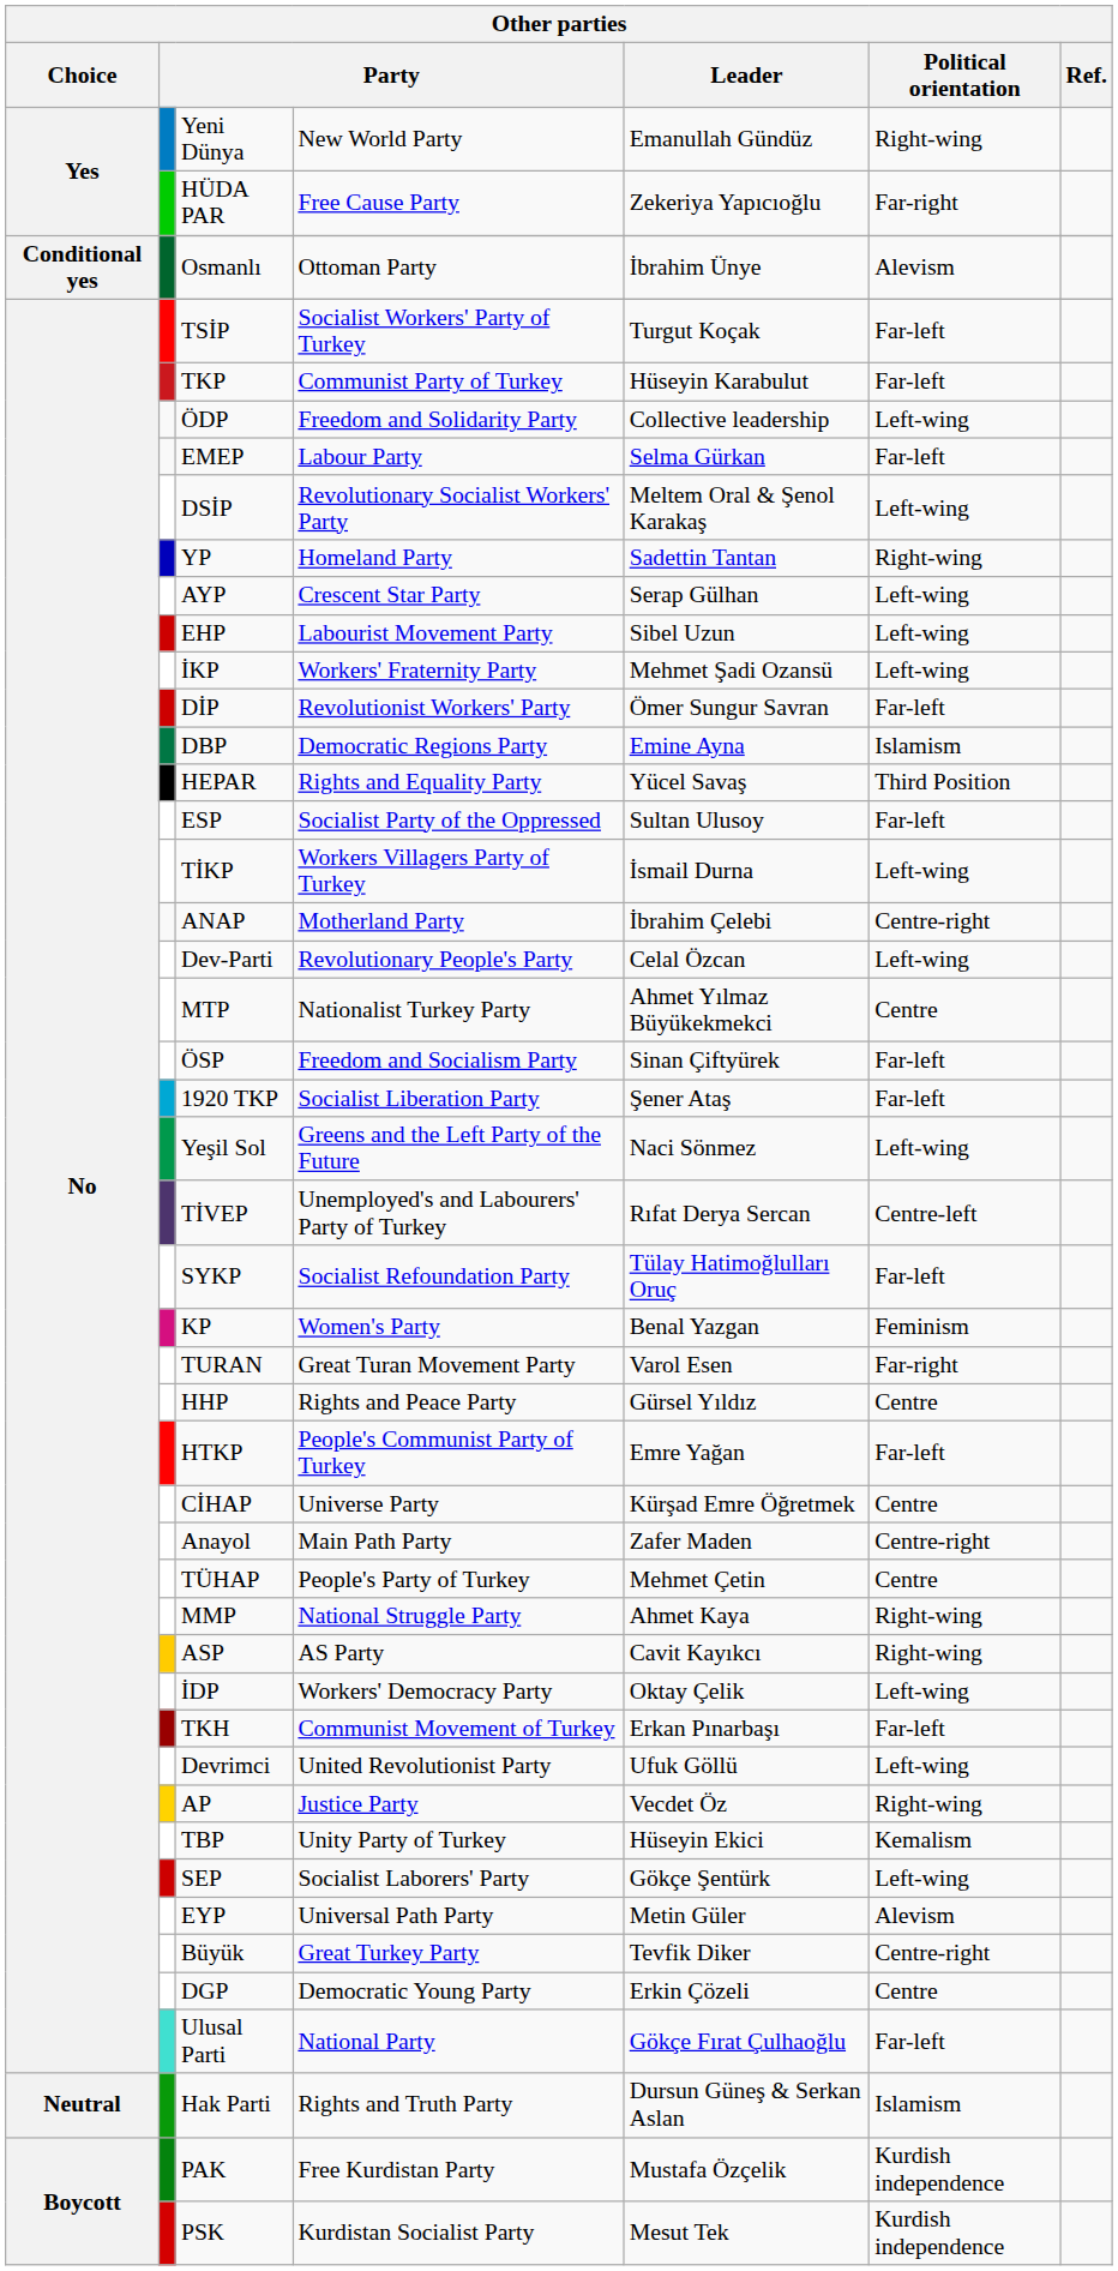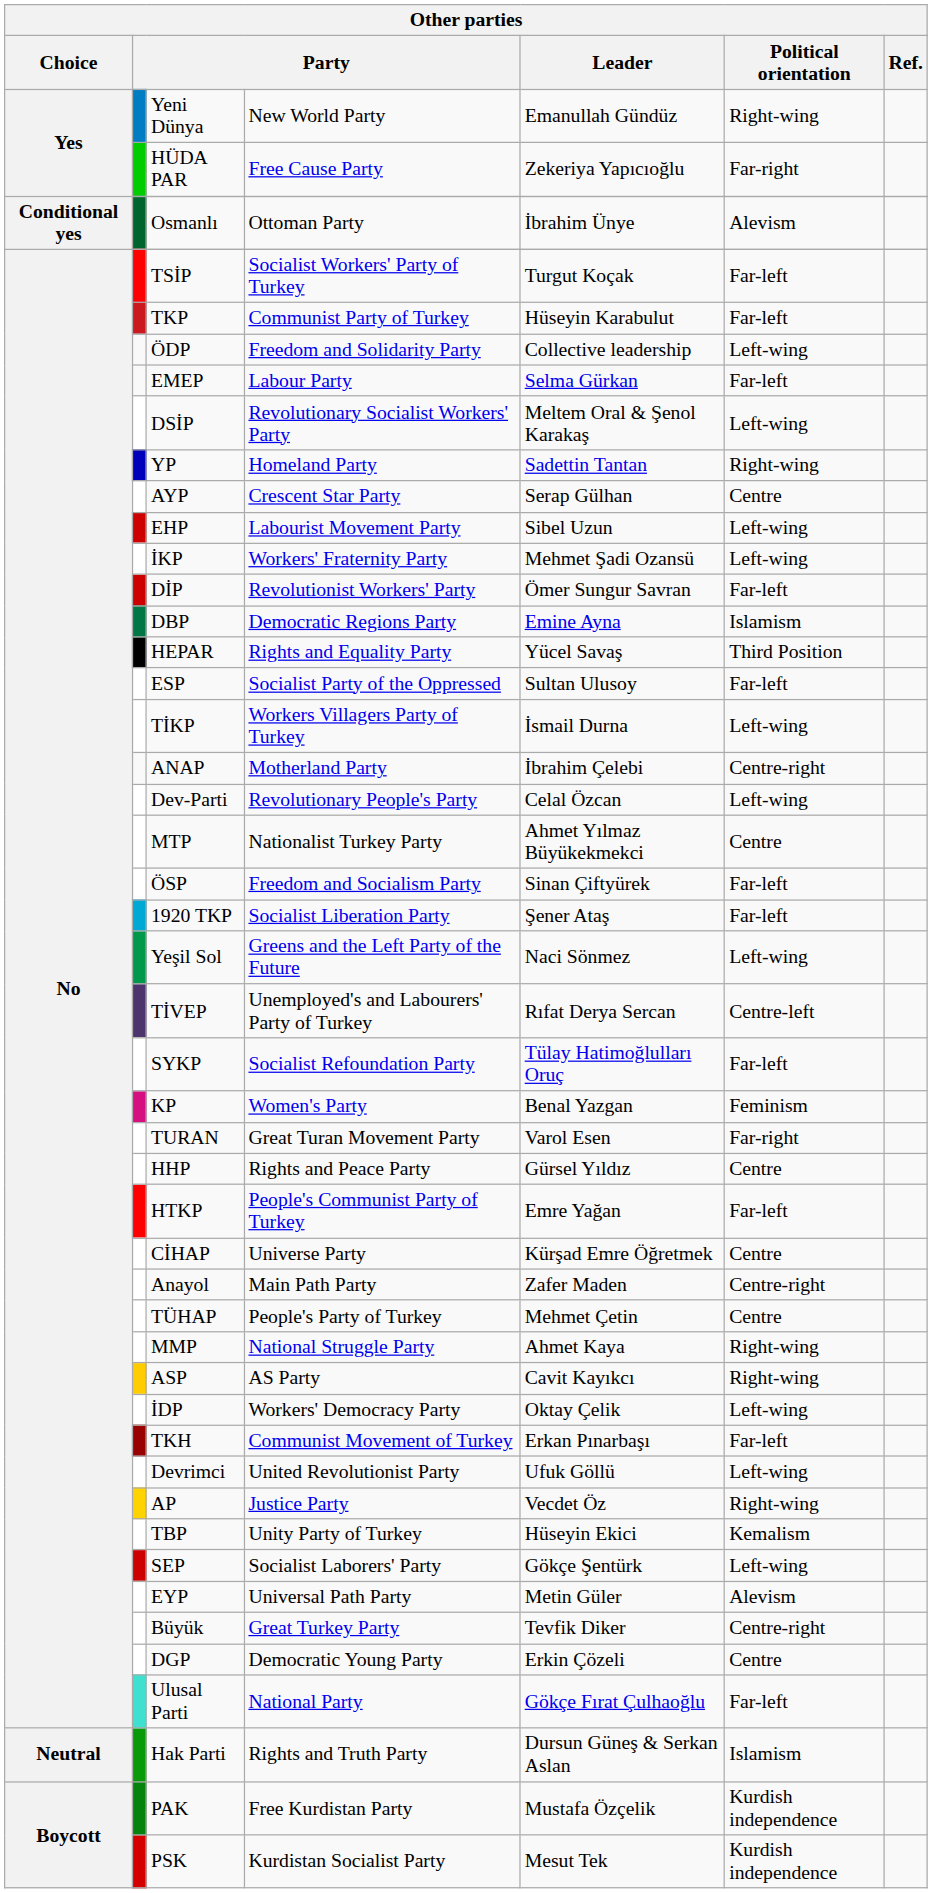 <table class="wikitable sortable collapsible collapsed" style="border:none;width:85%">
 <tr>
 <th colspan="7">Other parties</th>
 </tr>
 <tr>
 <th>Choice</th>
 <th colspan="3">Party</th>
 <th>Leader</th>
 <th>Political orientation</th>
 <th>Ref.</th>
 </tr>
 <tr>
 <th rowspan=2> Yes</th>
 <td style="background:#007CC2; width:4px; text-align:center;"></td>
 <td>Yeni Dünya</td>
 <td>New World Party</td>
 <td>Emanullah Gündüz</td>
 <td>Right-wing</td>
 <td></td>
 </tr>
 <tr>
 <td style="background:#0c0; width:4px; text-align:center;"></td>
 <td>HÜDA PAR</td>
 <td><a href='#'>Free Cause Party</a></td>
 <td>Zekeriya Yapıcıoğlu</td>
 <td>Far-right</td>
 <td></td>
 </tr>
 <tr>
 <th rowspan=2> Conditional yes</th>
 </tr>
 <tr>
 <td style="background:#00652D; width:4px; text-align:center;"></td>
 <td>Osmanlı</td>
 <td>Ottoman Party</td>
 <td>İbrahim Ünye</td>
 <td>Alevism</td>
 <td></td>
 </tr>
 <tr>
 <th rowspan=42> No</th>
 </tr>
 <tr>
 <td style="background:#f00; width:4px; text-align:center;"></td>
 <td>TSİP</td>
 <td><a href='#'>Socialist Workers' Party of Turkey</a></td>
 <td>Turgut Koçak</td>
 <td>Far-left</td>
 <td></td>
 </tr>
 <tr>
 <td style="background:#CB181E; width:4px; text-align:center;"></td>
 <td>TKP</td>
 <td><a href='#'>Communist Party of Turkey</a></td>
 <td>Hüseyin Karabulut</td>
 <td>Far-left</td>
 <td></td>
 </tr>
 <tr>
 <td style="background:"></td>
 <td>ÖDP</td>
 <td><a href='#'>Freedom and Solidarity Party</a></td>
 <td>Collective leadership</td>
 <td>Left-wing</td>
 <td></td>
 </tr>
 <tr>
 <td style="background:"></td>
 <td>EMEP</td>
 <td><a href='#'>Labour Party</a></td>
 <td><a href='#'>Selma Gürkan</a></td>
 <td>Far-left</td>
 <td></td>
 </tr>
 <tr>
 <td style="background:#fff; width:4px; text-align:center;"></td>
 <td>DSİP</td>
 <td><a href='#'>Revolutionary Socialist Workers' Party</a></td>
 <td>Meltem Oral & Şenol Karakaş</td>
 <td>Left-wing</td>
 <td></td>
 </tr>
 <tr>
 <td style="background:#00b; width:4px; text-align:center;"></td>
 <td>YP</td>
 <td><a href='#'>Homeland Party</a></td>
 <td><a href='#'>Sadettin Tantan</a></td>
 <td>Right-wing</td>
 <td></td>
 </tr>
 <tr>
 <td style="background:#fff; width:4px; text-align:center;"></td>
 <td>AYP</td>
 <td><a href='#'>Crescent Star Party</a></td>
 <td>Serap Gülhan</td>
-<td>Left-wing</td>
+<td>Centre</td>
 <td></td>
 </tr>
 <tr>
 <td style="background:#CD0000; width:4px; text-align:center;"></td>
 <td>EHP</td>
 <td><a href='#'>Labourist Movement Party</a></td>
 <td>Sibel Uzun</td>
 <td>Left-wing</td>
 <td></td>
 </tr>
 <tr>
 <td style="background:#fff; width:4px; text-align:center;"></td>
 <td>İKP</td>
 <td><a href='#'>Workers' Fraternity Party</a></td>
 <td>Mehmet Şadi Ozansü</td>
 <td>Left-wing</td>
 <td></td>
 </tr>
 <tr>
 <td style="background:#CD0000; width:4px; text-align:center;"></td>
 <td>DİP</td>
 <td><a href='#'>Revolutionist Workers' Party</a></td>
 <td>Ömer Sungur Savran</td>
 <td>Far-left</td>
 <td></td>
 </tr>
 <tr>
 <td style="background:#074; width:4px; text-align:center;"></td>
 <td>DBP</td>
 <td><a href='#'>Democratic Regions Party</a></td>
 <td><a href='#'>Emine Ayna</a></td>
 <td>Islamism</td>
 <td></td>
 </tr>
 <tr>
 <td style="background:#000; width:4px; text-align:center;"></td>
 <td>HEPAR</td>
 <td><a href='#'>Rights and Equality Party</a></td>
 <td>Yücel Savaş</td>
 <td>Third Position</td>
 <td></td>
 </tr>
 <tr>
 <td style="background:#fff; width:4px; text-align:center;"></td>
 <td>ESP</td>
 <td><a href='#'>Socialist Party of the Oppressed</a></td>
 <td>Sultan Ulusoy</td>
 <td>Far-left</td>
 <td></td>
 </tr>
 <tr>
 <td style="background:#fff; width:4px; text-align:center;"></td>
 <td>TİKP</td>
 <td><a href='#'>Workers Villagers Party of Turkey</a></td>
 <td>İsmail Durna</td>
 <td>Left-wing</td>
 <td></td>
 </tr>
 <tr>
 <td style="background:"></td>
 <td>ANAP</td>
 <td><a href='#'>Motherland Party</a></td>
 <td>İbrahim Çelebi</td>
 <td>Centre-right</td>
 <td></td>
 </tr>
 <tr>
 <td style="background:#fff; width:4px; text-align:center;"></td>
 <td>Dev-Parti</td>
 <td><a href='#'>Revolutionary People's Party</a></td>
 <td>Celal Özcan</td>
 <td>Left-wing</td>
 <td></td>
 </tr>
 <tr>
 <td style="background:#fff; width:4px; text-align:center;"></td>
 <td>MTP</td>
 <td>Nationalist Turkey Party</td>
 <td>Ahmet Yılmaz Büyükekmekci</td>
 <td>Centre</td>
 <td></td>
 </tr>
 <tr>
 <td style="background:#fff; width:4px; text-align:center;"></td>
 <td>ÖSP</td>
 <td><a href='#'>Freedom and Socialism Party</a></td>
 <td>Sinan Çiftyürek</td>
 <td>Far-left</td>
 <td></td>
 </tr>
 <tr>
 <td style="background:#00A8D4; width:4px; text-align:center;"></td>
 <td>1920 TKP</td>
 <td><a href='#'>Socialist Liberation Party</a></td>
 <td>Şener Ataş</td>
 <td>Far-left</td>
 <td></td>
 </tr>
 <tr>
 <td style="background:#00994C; width:4px; text-align:center;"></td>
 <td>Yeşil Sol</td>
 <td><a href='#'>Greens and the Left Party of the Future</a></td>
 <td>Naci Sönmez</td>
 <td>Left-wing</td>
 <td></td>
 </tr>
 <tr>
 <td style="background:#4D346D; width:4px; text-align:center;"></td>
 <td>TİVEP</td>
 <td>Unemployed's and Labourers' Party of Turkey</td>
 <td>Rıfat Derya Sercan</td>
 <td>Centre-left</td>
 <td></td>
 </tr>
 <tr>
 <td style="background:#fff; width:4px; text-align:center;"></td>
 <td>SYKP</td>
 <td><a href='#'>Socialist Refoundation Party</a></td>
 <td><a href='#'>Tülay Hatimoğlulları Oruç</a></td>
 <td>Far-left</td>
 <td></td>
 </tr>
 <tr>
 <td style="background:#D50F80; width:4px; text-align:center;"></td>
 <td>KP</td>
 <td><a href='#'>Women's Party</a></td>
 <td>Benal Yazgan</td>
 <td>Feminism</td>
 <td></td>
 </tr>
 <tr>
 <td style="background:#fff; width:4px; text-align:center;"></td>
 <td>TURAN</td>
 <td>Great Turan Movement Party</td>
 <td>Varol Esen</td>
 <td>Far-right</td>
 <td></td>
 </tr>
 <tr>
 <td style="background:#fff; width:4px; text-align:center;"></td>
 <td>HHP</td>
 <td>Rights and Peace Party</td>
 <td>Gürsel Yıldız</td>
 <td>Centre</td>
 <td></td>
 </tr>
 <tr>
 <td style="background:#f00; width:4px; text-align:center;"></td>
 <td>HTKP</td>
 <td><a href='#'>People's Communist Party of Turkey</a></td>
 <td>Emre Yağan</td>
 <td>Far-left</td>
 <td></td>
 </tr>
 <tr>
 <td style="background:#fff; width:4px; text-align:center;"></td>
 <td>CİHAP</td>
 <td>Universe Party</td>
 <td>Kürşad Emre Öğretmek</td>
 <td>Centre</td>
 <td></td>
 </tr>
 <tr>
 <td style="background:#fff; width:4px; text-align:center;"></td>
 <td>Anayol</td>
 <td>Main Path Party</td>
 <td>Zafer Maden</td>
 <td>Centre-right</td>
 <td></td>
 </tr>
 <tr>
 <td style="background:#fff; width:4px; text-align:center;"></td>
 <td>TÜHAP</td>
 <td>People's Party of Turkey</td>
 <td>Mehmet Çetin</td>
 <td>Centre</td>
 <td></td>
 </tr>
 <tr>
 <td style="background:#fff; width:4px; text-align:center;"></td>
 <td>MMP</td>
 <td><a href='#'>National Struggle Party</a></td>
 <td>Ahmet Kaya</td>
 <td>Right-wing</td>
 <td></td>
 </tr>
 <tr>
 <td style="background:#fc0; width:4px; text-align:center;"></td>
 <td>ASP</td>
 <td>AS Party</td>
 <td>Cavit Kayıkcı</td>
 <td>Right-wing</td>
 <td></td>
 </tr>
 <tr>
 <td style="background:#fff; width:4px; text-align:center;"></td>
 <td>İDP</td>
 <td>Workers' Democracy Party</td>
 <td>Oktay Çelik</td>
 <td>Left-wing</td>
 <td></td>
 </tr>
 <tr>
 <td style="background:#900; width:4px; text-align:center;"></td>
 <td>TKH</td>
 <td><a href='#'>Communist Movement of Turkey</a></td>
 <td>Erkan Pınarbaşı</td>
 <td>Far-left</td>
 <td></td>
 </tr>
 <tr>
 <td style="background:#fff; width:4px; text-align:center;"></td>
 <td>Devrimci</td>
 <td>United Revolutionist Party</td>
 <td>Ufuk Göllü</td>
 <td>Left-wing</td>
 <td></td>
 </tr>
 <tr>
 <td style="background:#FFD300; width:4px; text-align:center;"></td>
 <td>AP</td>
 <td><a href='#'>Justice Party</a></td>
 <td>Vecdet Öz</td>
 <td>Right-wing</td>
 <td></td>
 </tr>
 <tr>
 <td style="background:#fff; width:4px; text-align:center;"></td>
 <td>TBP</td>
 <td>Unity Party of Turkey</td>
 <td>Hüseyin Ekici</td>
 <td>Kemalism</td>
 <td></td>
 </tr>
 <tr>
 <td style="background:#CD0000; width:4px; text-align:center;"></td>
 <td>SEP</td>
 <td>Socialist Laborers' Party</td>
 <td>Gökçe Şentürk</td>
 <td>Left-wing</td>
 <td></td>
 </tr>
 <tr>
 <td style="background:#fff; width:4px; text-align:center;"></td>
 <td>EYP</td>
 <td>Universal Path Party</td>
 <td>Metin Güler</td>
 <td>Alevism</td>
 <td></td>
 </tr>
 <tr>
 <td style="background:#fff; width:4px; text-align:center;"></td>
 <td>Büyük</td>
 <td><a href='#'>Great Turkey Party</a></td>
 <td>Tevfik Diker</td>
 <td>Centre-right</td>
 <td></td>
 </tr>
 <tr>
 <td style="background:#fff; width:4px; text-align:center;"></td>
 <td>DGP</td>
 <td>Democratic Young Party</td>
 <td>Erkin Çözeli</td>
 <td>Centre</td>
 <td></td>
 </tr>
 <tr>
 <td style="background:turquoise; width:4px; text-align:center;"></td>
 <td>Ulusal Parti</td>
 <td><a href='#'>National Party</a></td>
 <td><a href='#'>Gökçe Fırat Çulhaoğlu</a></td>
 <td>Far-left</td>
 <td></td>
 </tr>
 <tr>
 <th>Neutral</th>
 <td style="background:#089A09; width:4px; text-align:center;"></td>
 <td>Hak Parti</td>
 <td>Rights and Truth Party</td>
 <td>Dursun Güneş & Serkan Aslan</td>
 <td>Islamism</td>
 <td></td>
 </tr>
 <tr>
 <th rowspan=2>Boycott</th>
 <td style="background:#04830D; width:4px; text-align:center;"></td>
 <td>PAK</td>
 <td>Free Kurdistan Party</td>
 <td>Mustafa Özçelik</td>
 <td>Kurdish independence</td>
 <td></td>
 </tr>
 <tr>
 <td style="background:#d40000; width:4px; text-align:center;"></td>
 <td>PSK</td>
 <td>Kurdistan Socialist Party</td>
 <td>Mesut Tek</td>
 <td>Kurdish independence</td>
 <td></td>
 </tr>
 </table>
